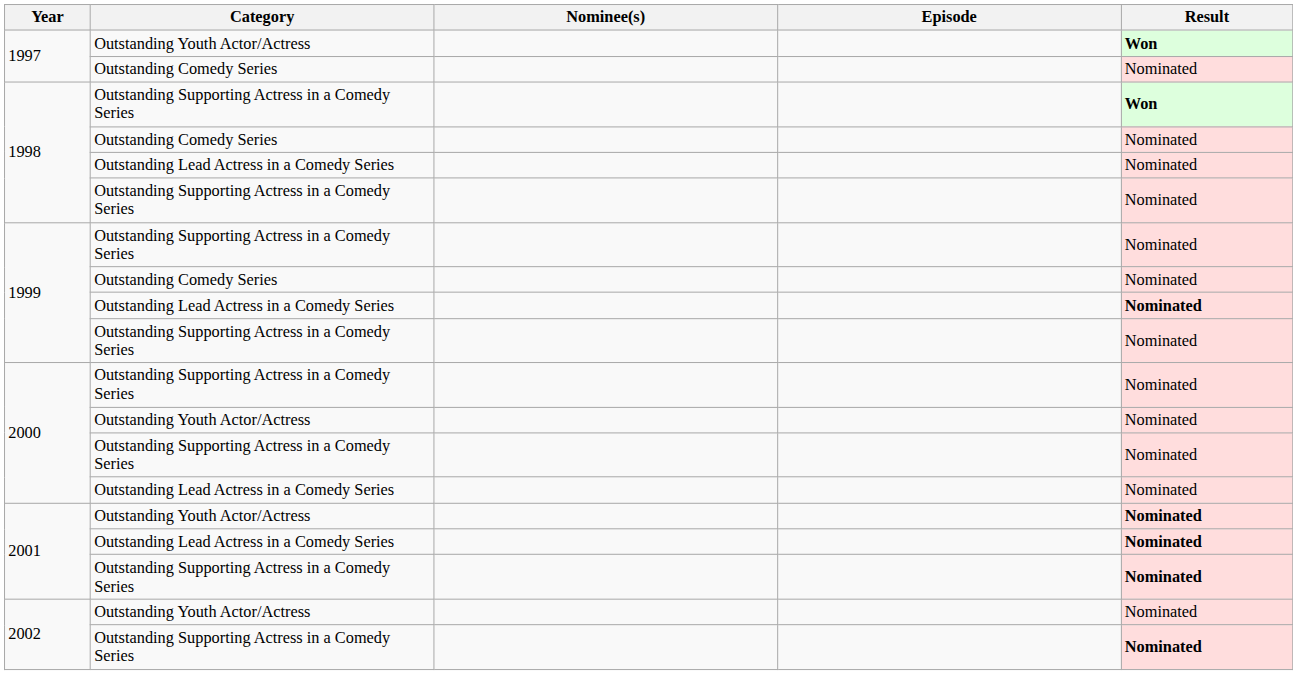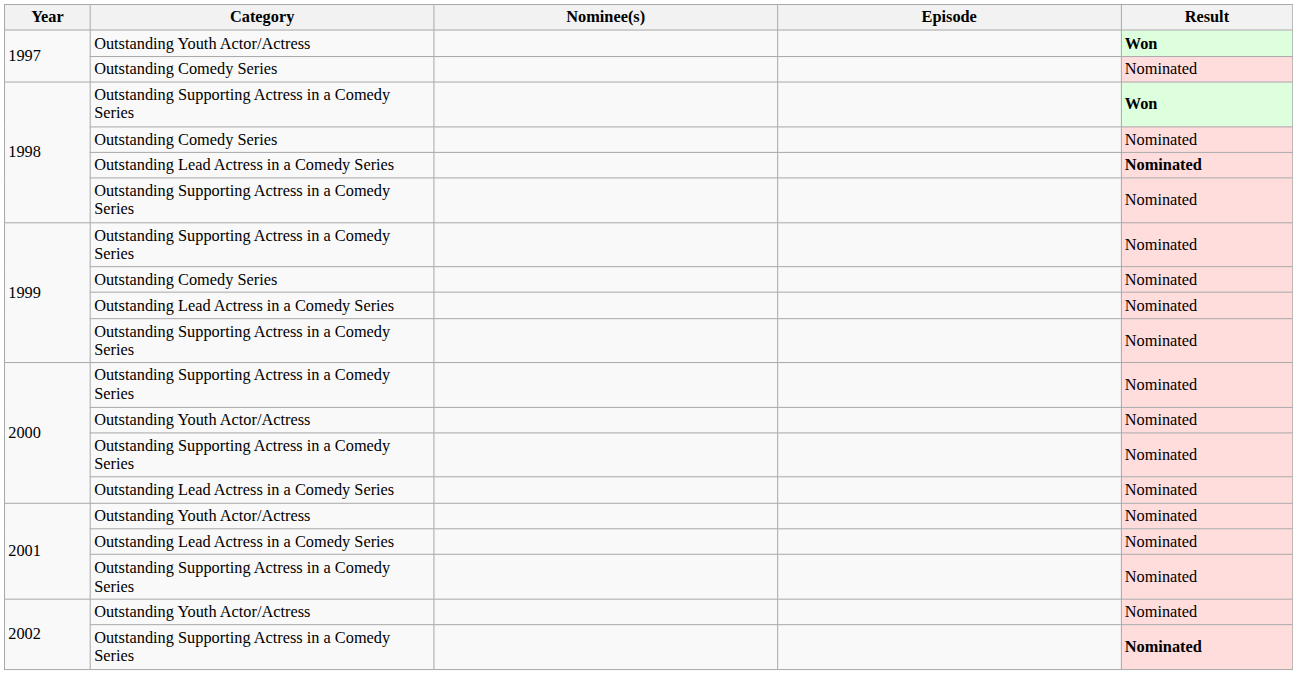 <table class="wikitable" width=100%>
 <tr>
 <th width="5%">Year</th>
 <th width="20%">Category</th>
 <th width="20%">Nominee(s)</th>
 <th width="20%">Episode</th>
 <th width="10%">Result</th>
 </tr>
 <tr>
 <td rowspan="2">1997</td>
 <td>Outstanding Youth Actor/Actress</td>
 <td></td>
 <td></td>
 <td style="background: #ddffdd"><strong>Won</strong></td>
 </tr>
 <tr>
 <td>Outstanding Comedy Series</td>
 <td></td>
 <td></td>
 <td style="background: #ffdddd">Nominated</td>
 </tr>
 <tr>
 <td rowspan="4">1998</td>
 <td>Outstanding Supporting Actress in a Comedy Series</td>
 <td></td>
 <td></td>
 <td style="background: #ddffdd"><strong>Won</strong></td>
 </tr>
 <tr>
 <td>Outstanding Comedy Series</td>
 <td></td>
 <td></td>
 <td style="background: #ffdddd">Nominated</td>
 </tr>
 <tr>
 <td>Outstanding Lead Actress in a Comedy Series</td>
 <td></td>
 <td></td>
-<td style="background: #ffdddd">Nominated</td>
+<td style="background: #ffdddd"><strong>Nominated</strong></td>
 </tr>
 <tr>
 <td>Outstanding Supporting Actress in a Comedy Series</td>
 <td></td>
 <td></td>
 <td style="background: #ffdddd">Nominated</td>
 </tr>
 <tr>
 <td rowspan="4">1999</td>
 <td>Outstanding Supporting Actress in a Comedy Series</td>
 <td></td>
 <td></td>
 <td style="background: #ffdddd">Nominated</td>
 </tr>
 <tr>
 <td>Outstanding Comedy Series</td>
 <td></td>
 <td></td>
 <td style="background: #ffdddd">Nominated</td>
 </tr>
 <tr>
 <td>Outstanding Lead Actress in a Comedy Series</td>
 <td></td>
 <td></td>
-<td style="background: #ffdddd"><strong>Nominated</strong></td>
+<td style="background: #ffdddd">Nominated</td>
 </tr>
 <tr>
 <td>Outstanding Supporting Actress in a Comedy Series</td>
 <td></td>
 <td></td>
 <td style="background: #ffdddd">Nominated</td>
 </tr>
 <tr>
 <td rowspan="4">2000</td>
 <td>Outstanding Supporting Actress in a Comedy Series</td>
 <td></td>
 <td></td>
 <td style="background: #ffdddd">Nominated</td>
 </tr>
 <tr>
 <td>Outstanding Youth Actor/Actress</td>
 <td></td>
 <td></td>
 <td style="background: #ffdddd">Nominated</td>
 </tr>
 <tr>
 <td>Outstanding Supporting Actress in a Comedy Series</td>
 <td></td>
 <td></td>
 <td style="background: #ffdddd">Nominated</td>
 </tr>
 <tr>
 <td>Outstanding Lead Actress in a Comedy Series</td>
 <td></td>
 <td></td>
 <td style="background: #ffdddd">Nominated</td>
 </tr>
 <tr>
 <td rowspan="3">2001</td>
 <td>Outstanding Youth Actor/Actress</td>
 <td></td>
 <td></td>
-<td style="background: #ffdddd"><strong>Nominated</strong></td>
+<td style="background: #ffdddd">Nominated</td>
 </tr>
 <tr>
 <td>Outstanding Lead Actress in a Comedy Series</td>
 <td></td>
 <td></td>
-<td style="background: #ffdddd"><strong>Nominated</strong></td>
+<td style="background: #ffdddd">Nominated</td>
 </tr>
 <tr>
 <td>Outstanding Supporting Actress in a Comedy Series</td>
 <td></td>
 <td></td>
-<td style="background: #ffdddd"><strong>Nominated</strong></td>
+<td style="background: #ffdddd">Nominated</td>
 </tr>
 <tr>
 <td rowspan="2">2002</td>
 <td>Outstanding Youth Actor/Actress</td>
 <td></td>
 <td></td>
 <td style="background: #ffdddd">Nominated</td>
 </tr>
 <tr>
 <td>Outstanding Supporting Actress in a Comedy Series</td>
 <td></td>
 <td></td>
 <td style="background: #ffdddd"><strong>Nominated</strong></td>
 </tr>
 </table>
